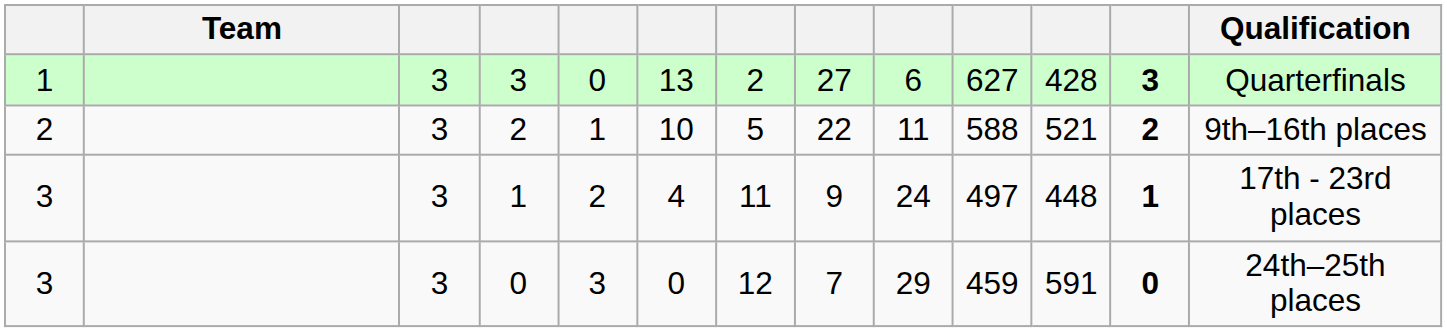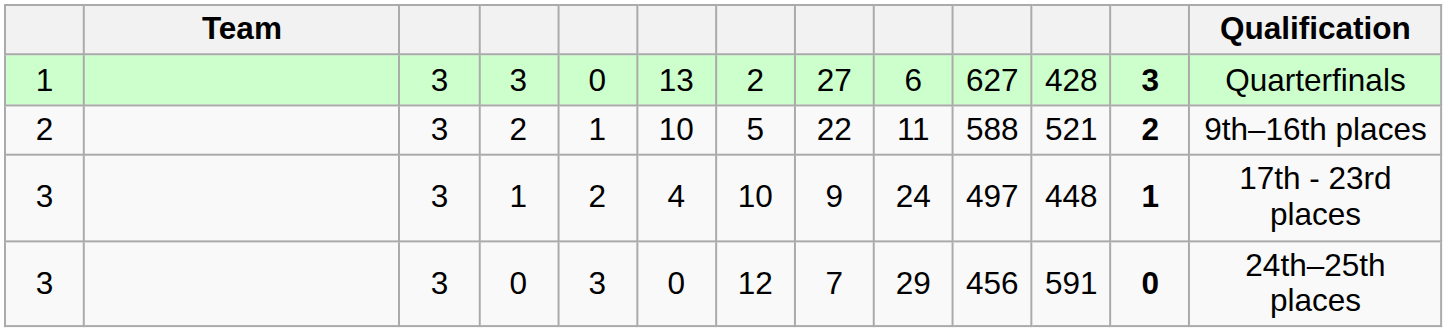 <table class="wikitable" style="text-align:center" width="730">
 <tr>
 <th width="5.5%"></th>
 <th width="22%">Team</th>
 <th width="5.5%"></th>
 <th width="5.5%"></th>
 <th width="5.5%"></th>
 <th width="5.5%"></th>
 <th width="5.5%"></th>
 <th width="5.5%"></th>
 <th width="5.5%"></th>
 <th width="5.5%"></th>
 <th width="5.5%"></th>
 <th width="5.5%"></th>
 <th width="18%">Qualification</th>
 </tr>
 <tr bgcolor="ccffcc">
 <td>1</td>
 <td style="text-align:left"></td>
 <td>3</td>
 <td>3</td>
 <td>0</td>
 <td>13</td>
 <td>2</td>
 <td>27</td>
 <td>6</td>
 <td>627</td>
 <td>428</td>
 <td><strong>3</strong></td>
 <td>Quarterfinals</td>
 </tr>
 <tr>
 <td>2</td>
 <td style="text-align:left"></td>
 <td>3</td>
 <td>2</td>
 <td>1</td>
 <td>10</td>
 <td>5</td>
 <td>22</td>
 <td>11</td>
 <td>588</td>
 <td>521</td>
 <td><strong>2</strong></td>
 <td>9th–16th places</td>
 </tr>
 <tr>
 <td>3</td>
 <td style="text-align:left"></td>
 <td>3</td>
 <td>1</td>
 <td>2</td>
 <td>4</td>
-<td>11</td>
+<td>10</td>
 <td>9</td>
 <td>24</td>
 <td>497</td>
 <td>448</td>
 <td><strong>1</strong></td>
 <td>17th - 23rd places</td>
 </tr>
 <tr>
 <td>3</td>
 <td style="text-align:left"></td>
 <td>3</td>
 <td>0</td>
 <td>3</td>
 <td>0</td>
 <td>12</td>
 <td>7</td>
 <td>29</td>
-<td>459</td>
+<td>456</td>
 <td>591</td>
 <td><strong>0</strong></td>
 <td>24th–25th places</td>
 </tr>
 </table>
